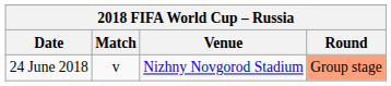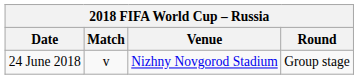 <table class="wikitable" style="margin:1em auto 1em auto; text-align:center; font-size:small;">
 <tr>
 <th colspan=4>2018 FIFA World Cup – Russia</th>
 </tr>
 <tr>
 <th>Date</th>
 <th>Match</th>
 <th>Venue</th>
 <th>Round</th>
 </tr>
 <tr>
 <td>24 June 2018</td>
 <td> v </td>
 <td><a href='#'>Nizhny Novgorod Stadium</a></td>
-<td style="background: lightsalmon;">Group stage</td>
+<td>Group stage</td>
 </tr>
 </table>
